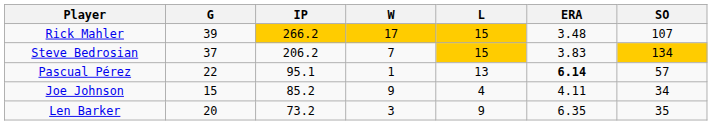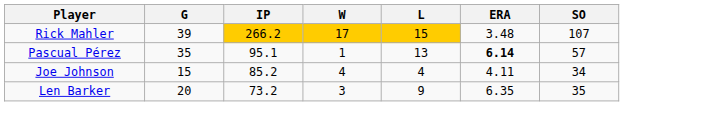 <table class="wikitable sortable">
 <tr>
 <th bgcolor="#DDDDFF" width="16%">Player</th>
 <th bgcolor="#DDDDFF" width="9%">G</th>
 <th bgcolor="#DDDDFF" width="9%">IP</th>
 <th bgcolor="#DDDDFF" width="9%">W</th>
 <th bgcolor="#DDDDFF" width="9%">L</th>
 <th bgcolor="#DDDDFF" width="9%">ERA</th>
 <th bgcolor="#DDDDFF" width="9%">SO</th>
 </tr>
 <tr align=center>
 <td><a href='#'>Rick Mahler</a></td>
 <td>39</td>
 <td style="background:#fc0;">266.2</td>
 <td style="background:#fc0;">17</td>
 <td style="background:#fc0;">15</td>
 <td>3.48</td>
 <td>107</td>
 </tr>
 <tr align=center>
-<td><a href='#'>Steve Bedrosian</a></td>
-<td>37</td>
-<td>206.2</td>
-<td>7</td>
-<td style="background:#fc0;">15</td>
-<td>3.83</td>
-<td style="background:#fc0;">134</td>
-</tr>
-<tr align=center>
 <td><a href='#'>Pascual Pérez</a></td>
-<td>22</td>
+<td>35</td>
 <td>95.1</td>
 <td>1</td>
 <td>13</td>
 <td><strong>6.14</strong></td>
 <td>57</td>
 </tr>
 <tr align=center>
 <td><a href='#'>Joe Johnson</a></td>
 <td>15</td>
 <td>85.2</td>
-<td>9</td>
+<td>4</td>
 <td>4</td>
 <td>4.11</td>
 <td>34</td>
 </tr>
 <tr align=center>
 <td><a href='#'>Len Barker</a></td>
 <td>20</td>
 <td>73.2</td>
 <td>3</td>
 <td>9</td>
 <td>6.35</td>
 <td>35</td>
 </tr>
 </table>
